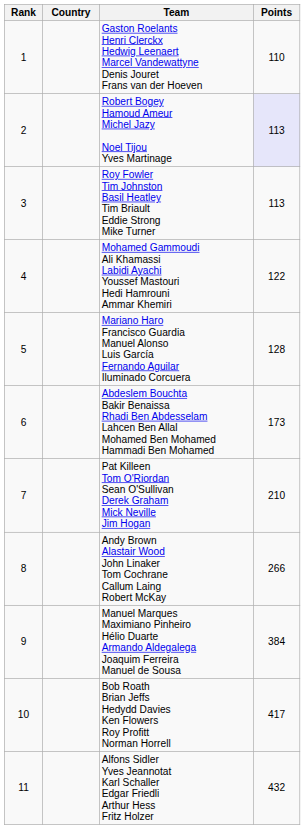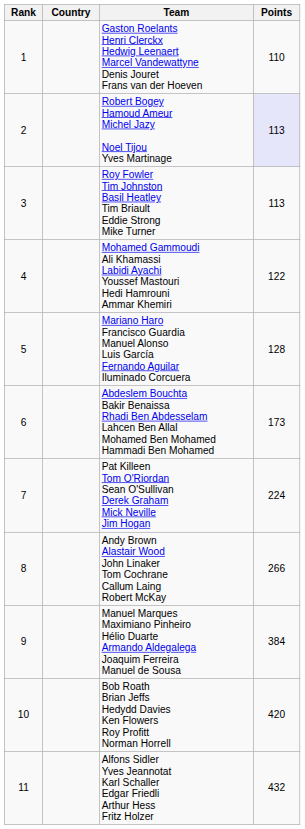 <table class="wikitable sortable" style=" text-align:center; font-size:95%;" width="50%">
 <tr>
 <th>Rank</th>
 <th>Country</th>
 <th>Team</th>
 <th>Points</th>
 </tr>
 <tr>
 <td align=center>1</td>
 <td align=left></td>
 <td align=left><a href='#'>Gaston Roelants</a><br><a href='#'>Henri Clerckx</a><br><a href='#'>Hedwig Leenaert</a><br><a href='#'>Marcel Vandewattyne</a><br>Denis Jouret<br>Frans van der Hoeven</td>
 <td>110</td>
 </tr>
 <tr>
 <td align=center>2</td>
 <td align=left></td>
 <td align=left><a href='#'>Robert Bogey</a><br><a href='#'>Hamoud Ameur</a><br><a href='#'>Michel Jazy</a><br><br><a href='#'>Noel Tijou</a><br>Yves Martinage</td>
 <td style="background: lavender;">113</td>
 </tr>
 <tr>
 <td align=center>3</td>
 <td align=left></td>
 <td align=left><a href='#'>Roy Fowler</a><br><a href='#'>Tim Johnston</a><br><a href='#'>Basil Heatley</a><br>Tim Briault<br>Eddie Strong<br>Mike Turner</td>
 <td>113</td>
 </tr>
 <tr>
 <td align=center>4</td>
 <td align=left></td>
 <td align=left><a href='#'>Mohamed Gammoudi</a><br>Ali Khamassi<br><a href='#'>Labidi Ayachi</a><br>Youssef Mastouri<br>Hedi Hamrouni<br>Ammar Khemiri</td>
 <td>122</td>
 </tr>
 <tr>
 <td align=center>5</td>
 <td align=left></td>
 <td align=left><a href='#'>Mariano Haro</a><br>Francisco Guardia<br>Manuel Alonso<br>Luis García<br><a href='#'>Fernando Aguilar</a><br>Iluminado Corcuera</td>
 <td>128</td>
 </tr>
 <tr>
 <td align=center>6</td>
 <td align=left></td>
 <td align=left><a href='#'>Abdeslem Bouchta</a><br>Bakir Benaissa<br><a href='#'>Rhadi Ben Abdesselam</a><br>Lahcen Ben Allal<br>Mohamed Ben Mohamed<br>Hammadi Ben Mohamed</td>
 <td>173</td>
 </tr>
 <tr>
 <td align=center>7</td>
 <td align=left></td>
 <td align=left>Pat Killeen<br><a href='#'>Tom O'Riordan</a><br>Sean O'Sullivan<br><a href='#'>Derek Graham</a><br><a href='#'>Mick Neville</a><br><a href='#'>Jim Hogan</a></td>
-<td>210</td>
+<td>224</td>
 </tr>
 <tr>
 <td align=center>8</td>
 <td align=left></td>
 <td align=left>Andy Brown<br><a href='#'>Alastair Wood</a><br>John Linaker<br>Tom Cochrane<br>Callum Laing<br>Robert McKay</td>
 <td>266</td>
 </tr>
 <tr>
 <td align=center>9</td>
 <td align=left></td>
 <td align=left>Manuel Marques<br>Maximiano Pinheiro<br>Hélio Duarte<br><a href='#'>Armando Aldegalega</a><br>Joaquim Ferreira<br>Manuel de Sousa</td>
 <td>384</td>
 </tr>
 <tr>
 <td align=center>10</td>
 <td align=left></td>
 <td align=left>Bob Roath<br>Brian Jeffs<br>Hedydd Davies<br>Ken Flowers<br>Roy Profitt<br>Norman Horrell</td>
-<td>417</td>
+<td>420</td>
 </tr>
 <tr>
 <td align=center>11</td>
 <td align=left></td>
 <td align=left>Alfons Sidler<br>Yves Jeannotat<br>Karl Schaller<br>Edgar Friedli<br>Arthur Hess<br>Fritz Holzer</td>
 <td>432</td>
 </tr>
 </table>
